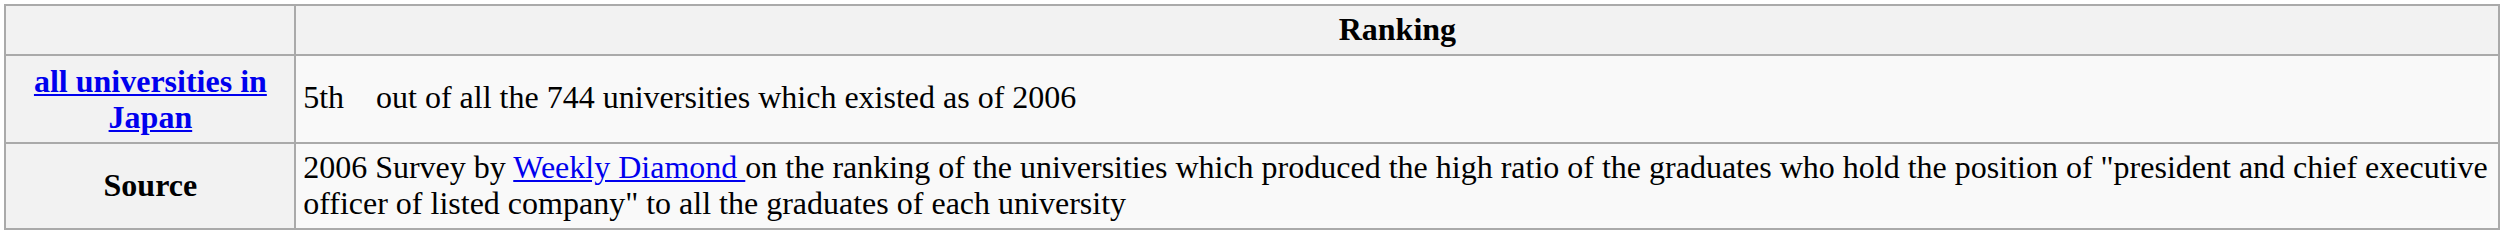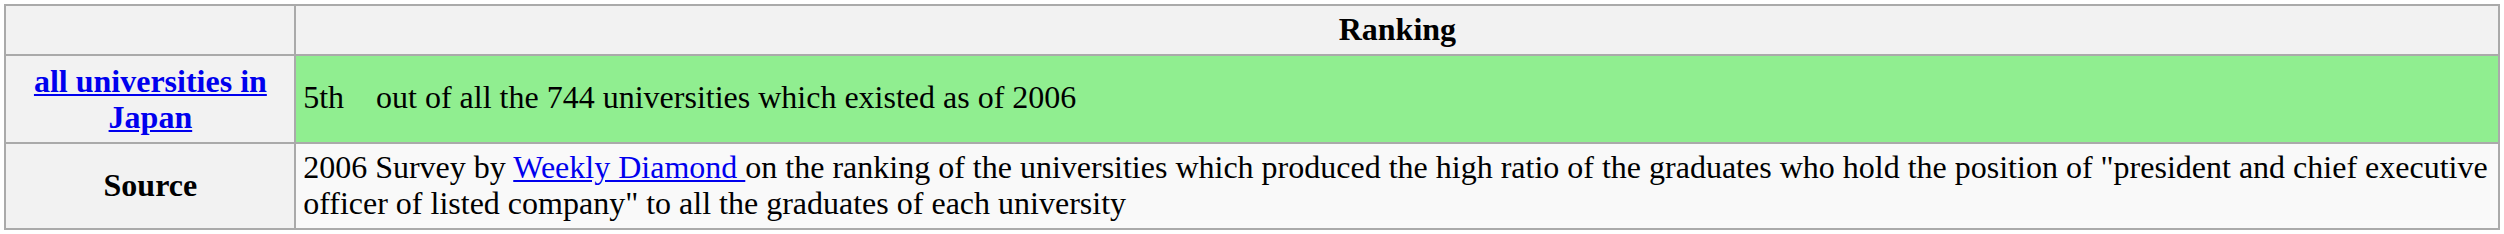 <table class="wikitable">
 <tr>
 <th></th>
 <th>Ranking</th>
 </tr>
 <tr>
 <th><a href='#'>all universities in Japan</a></th>
-<td>5th　out of all the 744 universities which existed as of 2006</td>
+<td style="background: lightgreen;">5th　out of all the 744 universities which existed as of 2006</td>
 </tr>
 <tr>
 <th>Source</th>
 <td>2006 Survey by <a href='#'>Weekly Diamond </a> on the ranking of the universities which produced the high ratio of the graduates who hold the position of "president and chief executive officer of listed company" to all the graduates of each university</td>
 </tr>
 </table>
